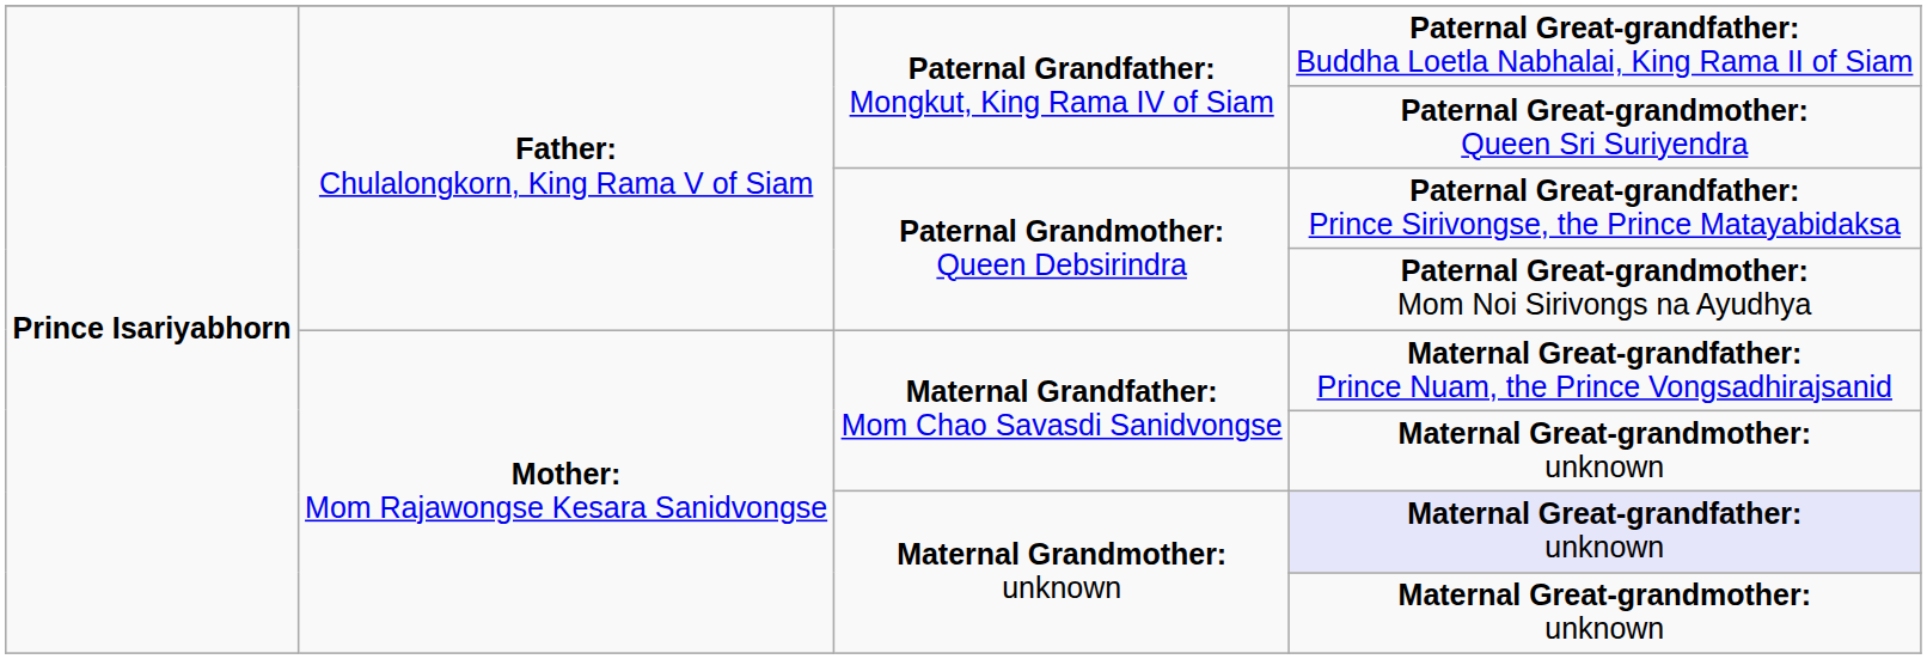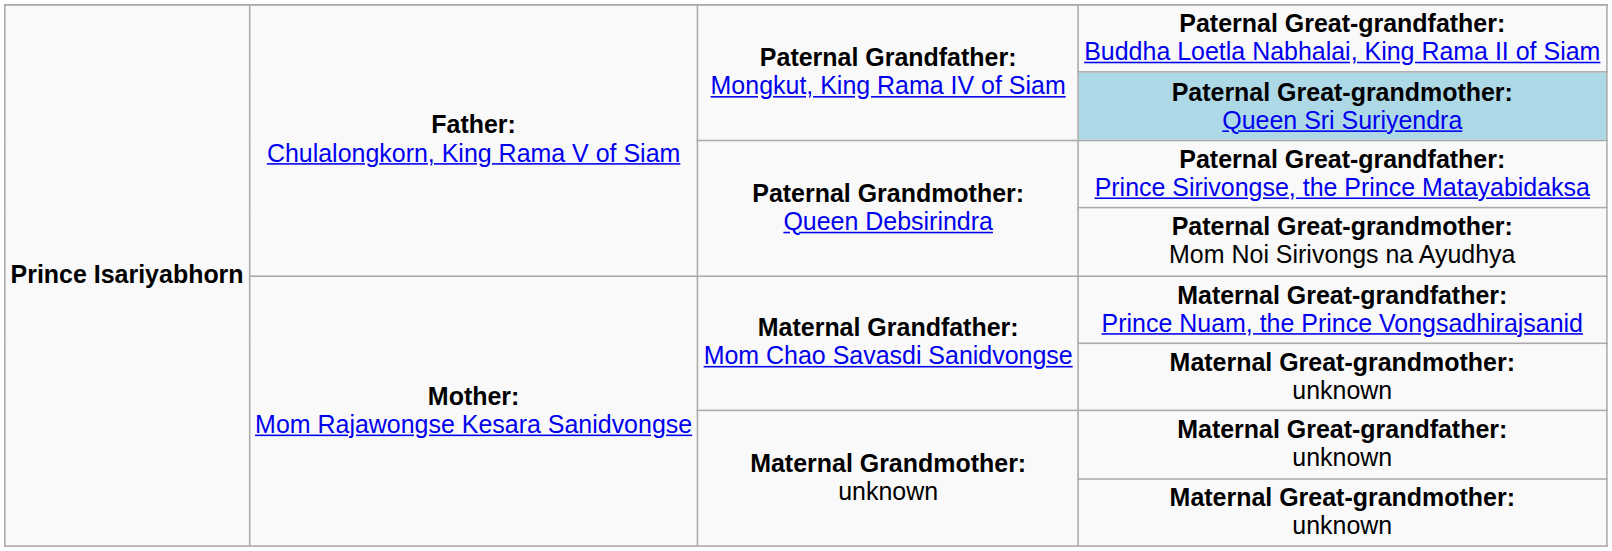 <table class="wikitable">
 <tr>
 </tr>
 <tr>
 <td rowspan="8" align="center"><strong>Prince Isariyabhorn</strong></td>
 <td rowspan="4" align="center"><strong>Father:</strong><br><a href='#'>Chulalongkorn, King Rama V of Siam</a></td>
 <td rowspan="2" align="center"><strong>Paternal Grandfather:</strong><br><a href='#'>Mongkut, King Rama IV of Siam</a></td>
 <td align = "center"><strong>Paternal Great-grandfather:</strong><br><a href='#'>Buddha Loetla Nabhalai, King Rama II of Siam</a></td>
 </tr>
 <tr>
-<td align = "center"><strong>Paternal Great-grandmother:</strong><br><a href='#'>Queen Sri Suriyendra</a></td>
+<td align = "center" style="background: lightblue;"><strong>Paternal Great-grandmother:</strong><br><a href='#'>Queen Sri Suriyendra</a></td>
 </tr>
 <tr>
 <td rowspan="2" align="center"><strong>Paternal Grandmother:</strong><br><a href='#'>Queen Debsirindra</a></td>
 <td align = "center"><strong>Paternal Great-grandfather:</strong><br><a href='#'>Prince Sirivongse, the Prince Matayabidaksa</a></td>
 </tr>
 <tr>
 <td align = "center"><strong>Paternal Great-grandmother:</strong><br>Mom Noi Sirivongs na Ayudhya</td>
 </tr>
 <tr>
 <td rowspan="4" align="center"><strong>Mother:</strong><br><a href='#'>Mom Rajawongse Kesara Sanidvongse</a></td>
 <td rowspan="2" align="center"><strong>Maternal Grandfather:</strong><br><a href='#'>Mom Chao Savasdi Sanidvongse</a></td>
 <td align = "center"><strong>Maternal Great-grandfather:</strong><br><a href='#'>Prince Nuam, the Prince Vongsadhirajsanid</a></td>
 </tr>
 <tr>
 <td align = "center"><strong>Maternal Great-grandmother:</strong><br>unknown</td>
 </tr>
 <tr>
 <td rowspan="2" align="center"><strong>Maternal Grandmother:</strong><br>unknown</td>
-<td align = "center" style="background: lavender;"><strong>Maternal Great-grandfather:</strong><br>unknown</td>
+<td align = "center"><strong>Maternal Great-grandfather:</strong><br>unknown</td>
 </tr>
 <tr>
 <td align = "center"><strong>Maternal Great-grandmother:</strong><br>unknown</td>
 </tr>
 </table>
